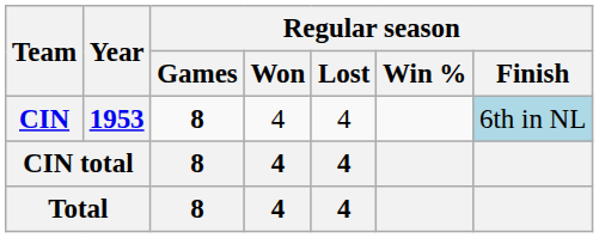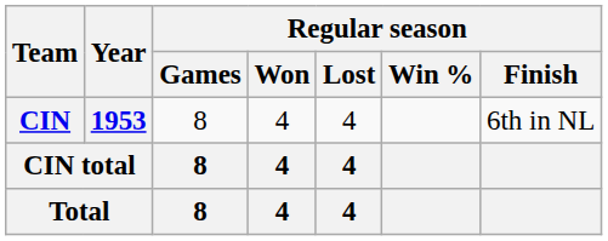 <table class="wikitable" style="font-size: 95%; text-align:center;">
 <tr>
 <th rowspan="2">Team</th>
 <th rowspan="2">Year</th>
 <th colspan="5">Regular season</th>
 </tr>
 <tr>
 <th>Games</th>
 <th>Won</th>
 <th>Lost</th>
 <th>Win %</th>
 <th>Finish</th>
 </tr>
 <tr>
 <th><a href='#'>CIN</a></th>
 <th><a href='#'>1953</a></th>
-<td><strong>8</strong></td>
+<td>8</td>
 <td>4</td>
 <td>4</td>
 <td></td>
-<td style="background: lightblue;">6th in NL</td>
+<td>6th in NL</td>
 </tr>
 <tr>
 <th colspan="2">CIN total</th>
 <th>8</th>
 <th>4</th>
 <th>4</th>
 <th></th>
 <th></th>
 </tr>
 <tr>
 <th colspan="2">Total</th>
 <th>8</th>
 <th>4</th>
 <th>4</th>
 <th></th>
 <th></th>
 </tr>
 </table>
